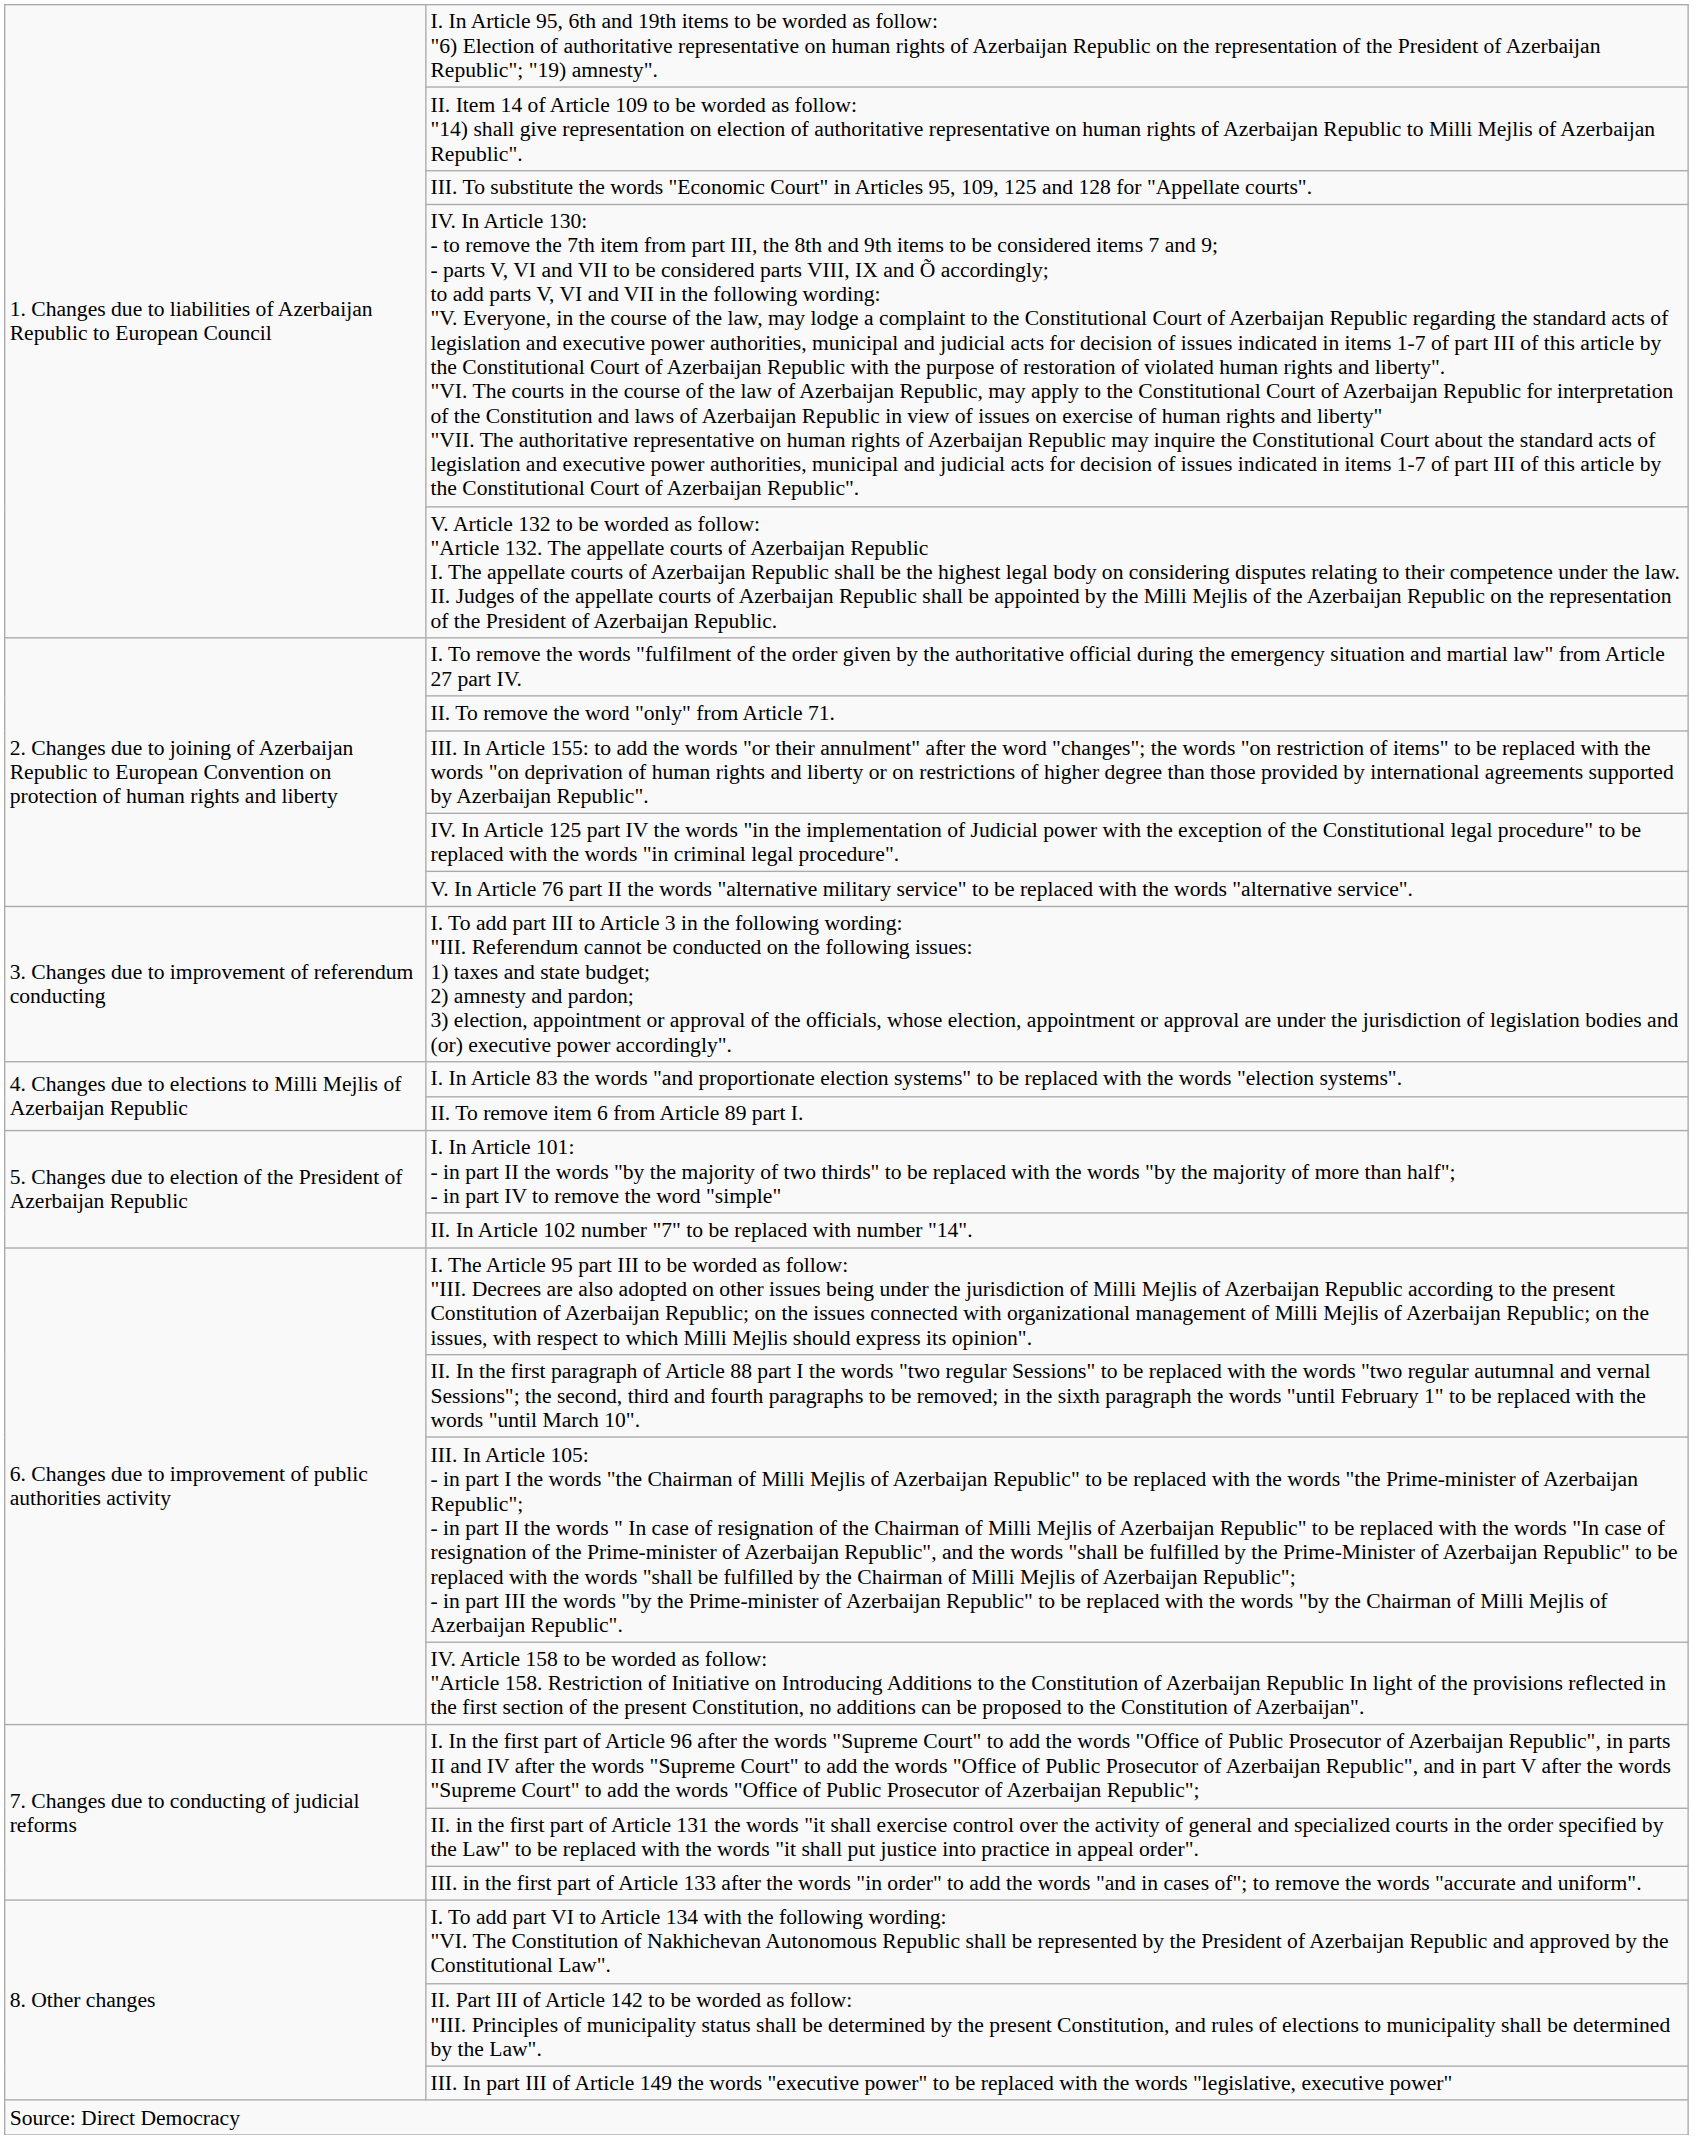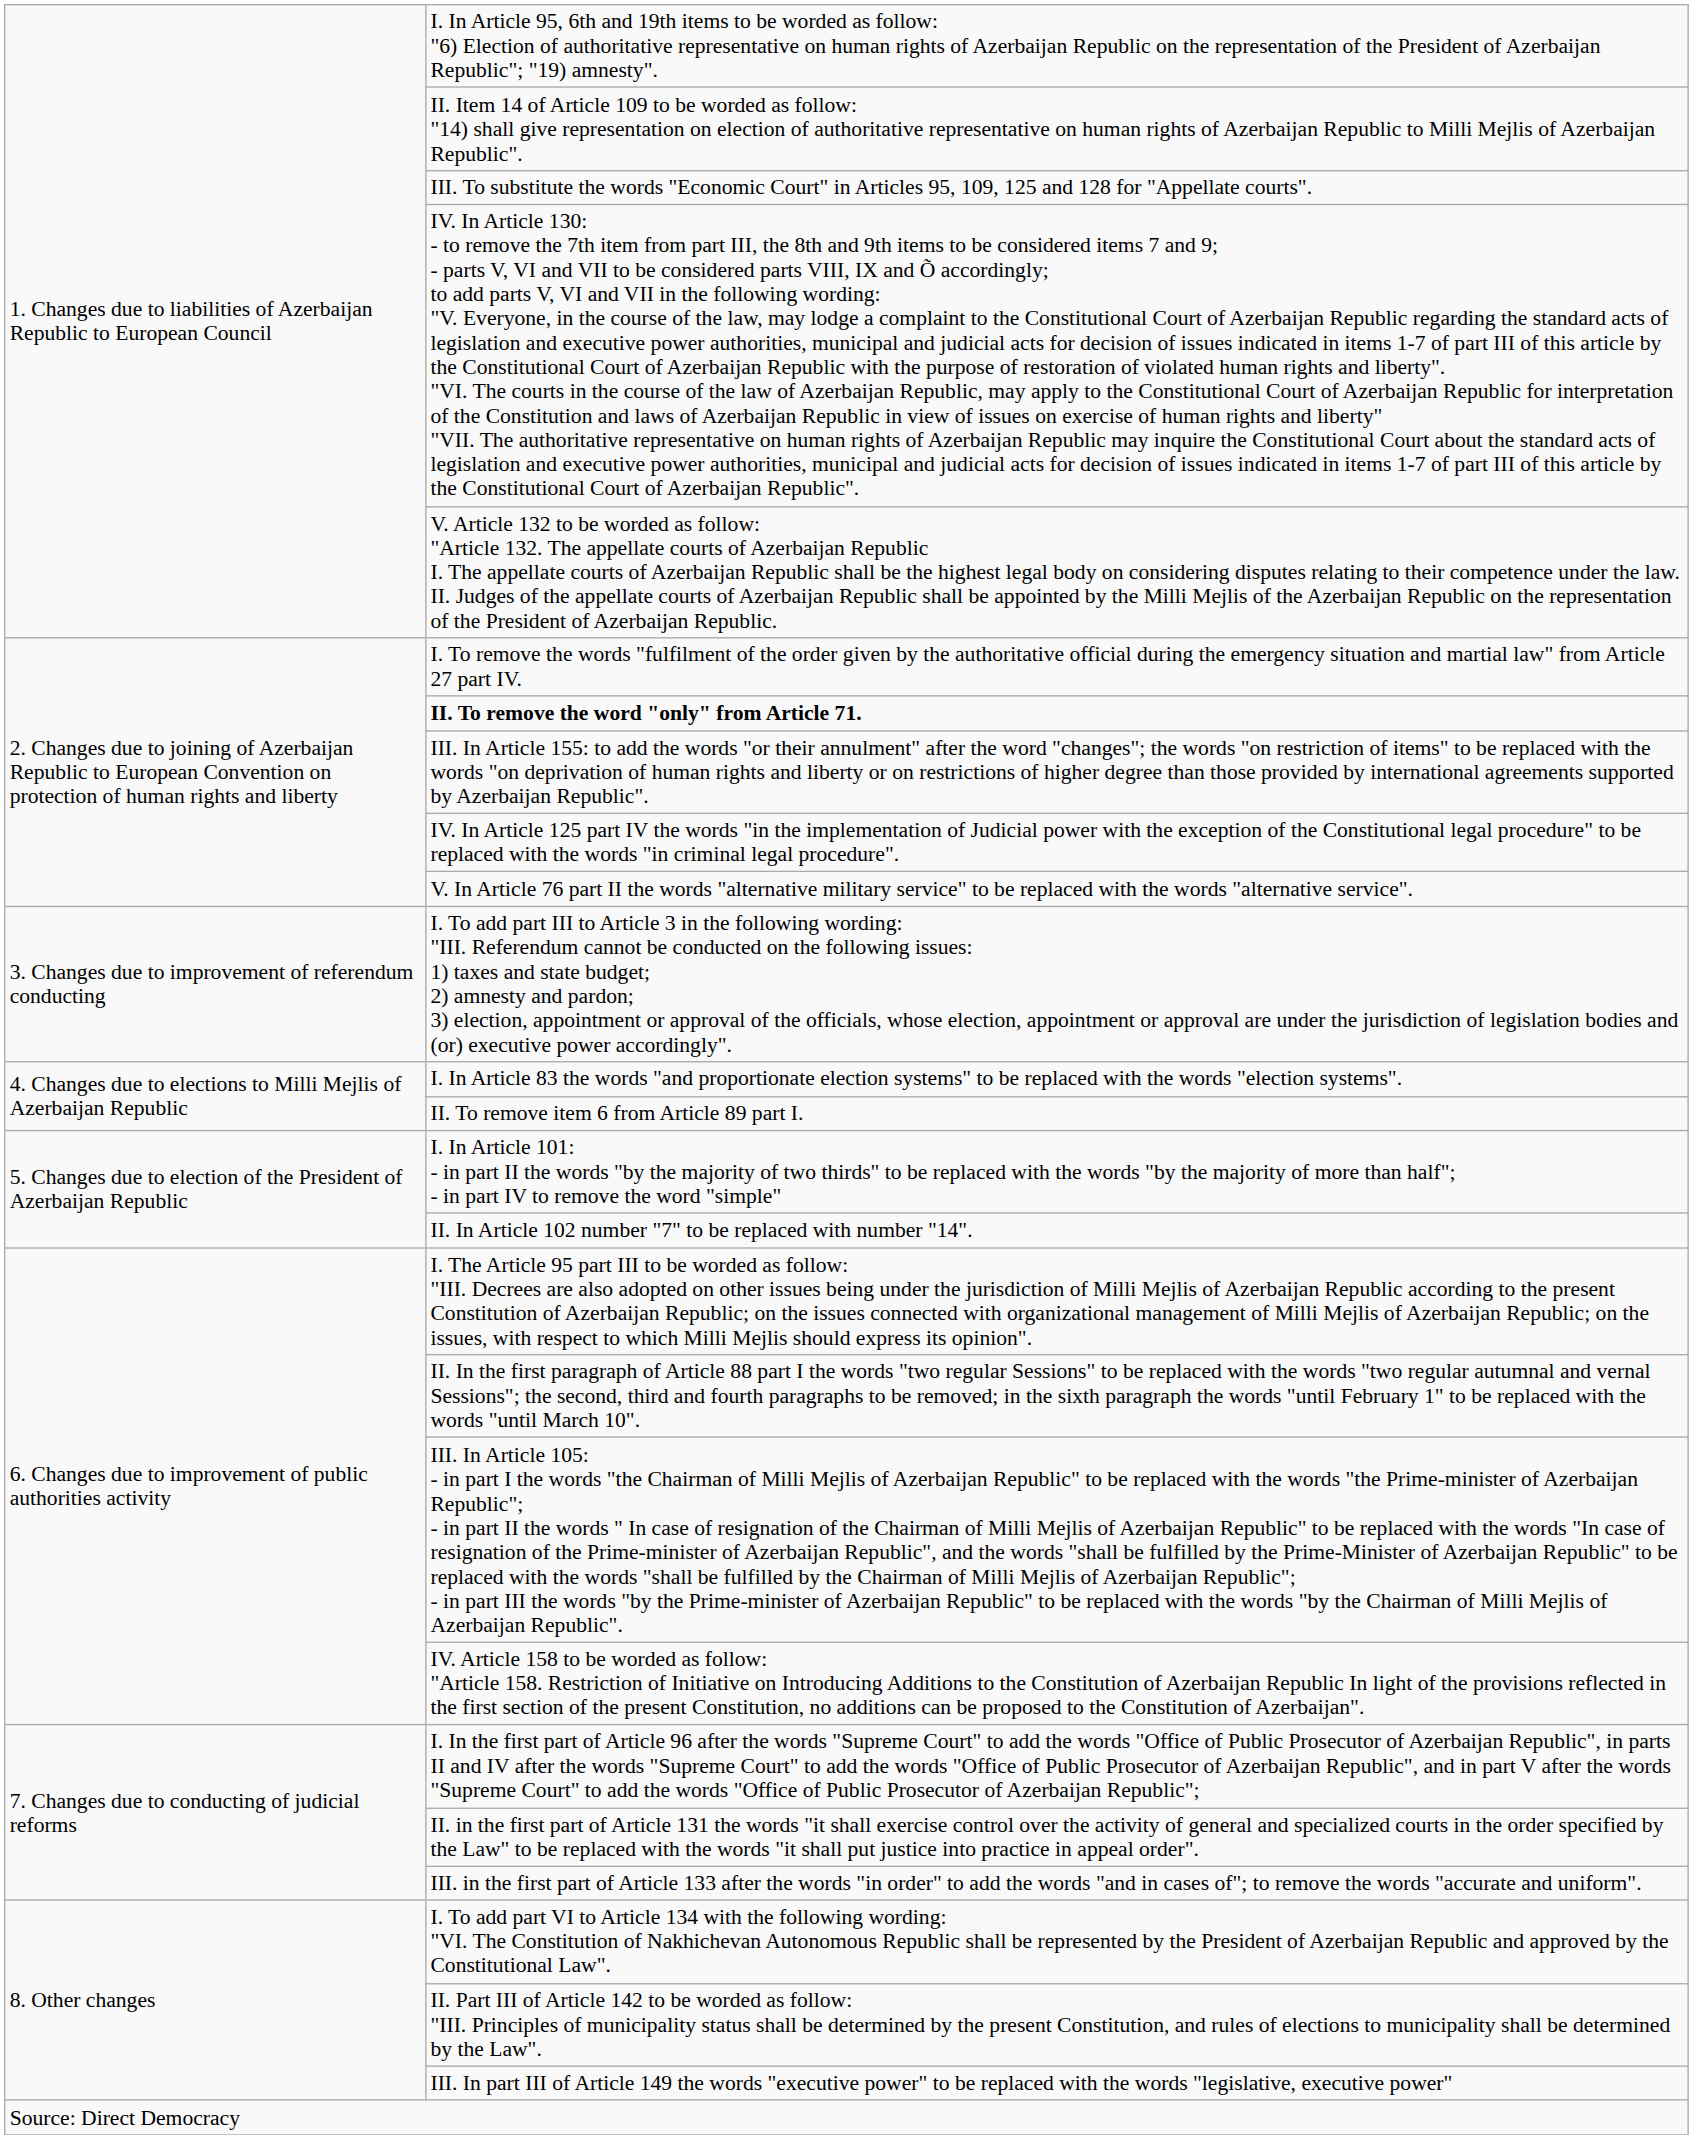 <table class=wikitable>
 <tr>
 <td rowspan=5>1. Changes due to liabilities of Azerbaijan Republic to European Council</td>
 <td>I. In Article 95, 6th and 19th items to be worded as follow:<br>"6) Election of authoritative representative on human rights of Azerbaijan Republic on the representation of the President of Azerbaijan Republic"; "19) amnesty".</td>
 </tr>
 <tr>
 <td>II. Item 14 of Article 109 to be worded as follow:<br> "14) shall give representation on election of authoritative  representative on human rights of Azerbaijan Republic to Milli Mejlis of Azerbaijan Republic".</td>
 </tr>
 <tr>
 <td>III. To substitute the words "Economic Court" in Articles 95, 109, 125 and 128 for "Appellate courts".</td>
 </tr>
 <tr>
 <td>IV. In Article 130:<br>- to remove the 7th item from part III, the 8th and 9th items to be considered items 7 and 9;<br>- parts V, VI and VII to be considered parts VIII, IX and Õ accordingly;<br> to add parts V, VI and VII in the following wording:<br>"V. Everyone, in the course of the law, may lodge a complaint to the Constitutional Court of Azerbaijan Republic regarding the standard acts of legislation and executive power authorities, municipal and judicial acts for decision of issues indicated in items 1-7 of part III of this article by the Constitutional Court of Azerbaijan Republic with the purpose of restoration of violated human rights and liberty".<br>"VI. The courts in the course of the law of Azerbaijan Republic, may apply to the Constitutional Court of Azerbaijan Republic for interpretation of the Constitution and laws of Azerbaijan Republic in view of issues on exercise of human rights and liberty"<br>"VII. The authoritative representative on human rights of Azerbaijan Republic may inquire the Constitutional Court about the standard acts of legislation and executive power authorities, municipal and judicial acts for decision of issues indicated in items 1-7 of part III of this article by the Constitutional Court of Azerbaijan Republic".</td>
 </tr>
 <tr>
 <td>V. Article 132 to be worded as follow:<br>"Article 132. The appellate courts of Azerbaijan Republic<br>I. The appellate courts of Azerbaijan Republic shall be the highest legal body on considering disputes relating to their competence under the law.<br>II. Judges of the appellate courts of Azerbaijan Republic shall be appointed by the Milli Mejlis of the Azerbaijan Republic on the representation of the President of Azerbaijan Republic.</td>
 </tr>
 <tr>
 <td rowspan=5>2. Changes due to joining of Azerbaijan Republic to    European Convention on protection of human rights and liberty</td>
 <td>I. To remove the words "fulfilment of the order given by the authoritative official during the emergency situation and martial law" from Article 27 part IV.</td>
 </tr>
 <tr>
-<td>II. To remove the word "only" from Article 71.</td>
+<td><strong>II. To remove the word "only" from Article 71.</strong></td>
 </tr>
 <tr>
 <td>III. In Article 155: to add the words "or their annulment" after the word "changes"; the words "on restriction of items" to be replaced with the words "on deprivation of human rights and liberty or on restrictions of higher degree than those provided by international agreements supported by Azerbaijan Republic".</td>
 </tr>
 <tr>
 <td>IV. In Article 125 part IV the words "in the implementation of Judicial power with the exception of the Constitutional legal procedure" to be replaced with the words "in criminal legal procedure".</td>
 </tr>
 <tr>
 <td>V. In Article 76 part II the words "alternative military service" to be replaced with the words "alternative service".</td>
 </tr>
 <tr>
 <td>3. Changes due to improvement of referendum conducting</td>
 <td>I. To add part III to Article 3 in the following wording:<br>"III. Referendum cannot be conducted on the following issues:<br>1) taxes and state budget;<br>2) amnesty and pardon;<br>3) election, appointment or approval of the officials, whose election, appointment or approval are under the jurisdiction of legislation bodies and (or) executive power accordingly".</td>
 </tr>
 <tr>
 <td rowspan=2>4. Changes due to elections to Milli Mejlis of Azerbaijan Republic</td>
 <td>I. In Article 83 the words "and proportionate election systems" to be replaced with the words "election systems".</td>
 </tr>
 <tr>
 <td>II. To remove item 6 from Article 89 part I.</td>
 </tr>
 <tr>
 <td rowspan=2>5. Changes due to election of the President of Azerbaijan Republic</td>
 <td>I. In Article 101:<br>- in part II the words "by the majority of two thirds" to be replaced with the words "by the majority of more than half";<br>- in part IV to remove the word "simple"</td>
 </tr>
 <tr>
 <td>II. In Article 102 number "7" to be replaced with number "14".</td>
 </tr>
 <tr>
 <td rowspan=4>6. Changes due to improvement of public authorities activity</td>
 <td>I. The Article 95 part III to be worded as follow:<br>"III. Decrees are also adopted on other issues being under the jurisdiction of Milli Mejlis of Azerbaijan Republic according to the present Constitution of Azerbaijan Republic; on the issues connected with organizational management of Milli Mejlis of Azerbaijan Republic; on the issues, with respect to which Milli Mejlis should express its opinion".</td>
 </tr>
 <tr>
 <td>II. In the first paragraph of Article 88 part I the words "two regular Sessions" to be replaced with the words "two regular autumnal and vernal Sessions"; the second, third and fourth paragraphs to be removed; in the sixth paragraph the words "until February 1" to be replaced with the words "until March 10".</td>
 </tr>
 <tr>
 <td>III. In Article 105:<br>- in part I the words "the Chairman of Milli Mejlis of Azerbaijan Republic" to be replaced with the words "the Prime-minister of Azerbaijan Republic";<br>- in part II the words " In case of resignation of the Chairman of Milli Mejlis of Azerbaijan Republic" to be replaced with the words "In case of resignation of the Prime-minister of Azerbaijan Republic", and the words "shall be fulfilled by the Prime-Minister of Azerbaijan Republic" to be replaced with the words "shall be fulfilled by the Chairman of Milli Mejlis of Azerbaijan Republic";<br>- in part III the words "by the Prime-minister of Azerbaijan Republic" to be replaced with the words "by the Chairman of Milli Mejlis of Azerbaijan Republic".</td>
 </tr>
 <tr>
 <td>IV. Article 158 to be worded as follow:<br>"Article 158. Restriction of Initiative on Introducing Additions to the Constitution of Azerbaijan Republic In light of the provisions reflected in the first section of the present Constitution, no additions can be proposed to the Constitution of Azerbaijan".</td>
 </tr>
 <tr>
 <td rowspan=3>7. Changes due to conducting of judicial reforms</td>
 <td>I. In the first part of Article 96 after the words "Supreme Court" to add the words "Office of Public Prosecutor of Azerbaijan Republic", in parts II and IV after the words "Supreme Court" to add the words "Office of Public Prosecutor of Azerbaijan Republic", and in part V after the words "Supreme Court" to add the words "Office of Public Prosecutor of Azerbaijan Republic";</td>
 </tr>
 <tr>
 <td>II. in the first part of Article 131 the words "it shall exercise control over the activity of general and specialized courts in the order specified by the Law" to be replaced with the words "it shall put justice into practice in appeal order".</td>
 </tr>
 <tr>
 <td>III. in the first part of Article 133 after the words "in order" to add the words "and in cases of"; to remove the words "accurate and uniform".</td>
 </tr>
 <tr>
 <td rowspan=3>8. Other changes</td>
 <td>I. To add part VI to Article 134 with the following wording:<br>"VI. The Constitution of Nakhichevan Autonomous Republic shall be represented by the President of Azerbaijan Republic and approved by the Constitutional Law".</td>
 </tr>
 <tr>
 <td>II. Part III of Article 142 to be worded as follow:<br>"III. Principles of municipality status shall be determined by the present Constitution, and rules of elections to municipality shall be determined by the Law".</td>
 </tr>
 <tr>
 <td>III. In part III of Article 149 the words "executive power" to be replaced with the words "legislative, executive power"</td>
 </tr>
 <tr>
 <td colspan=2>Source: Direct Democracy</td>
 </tr>
 </table>
